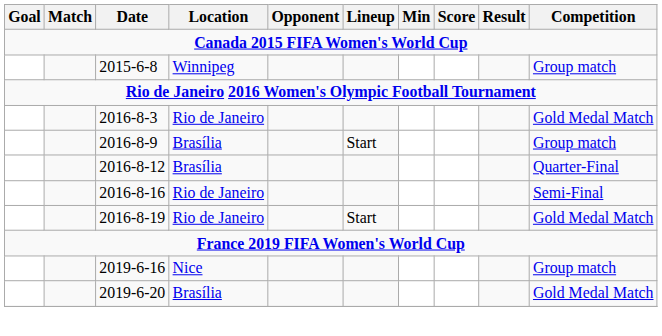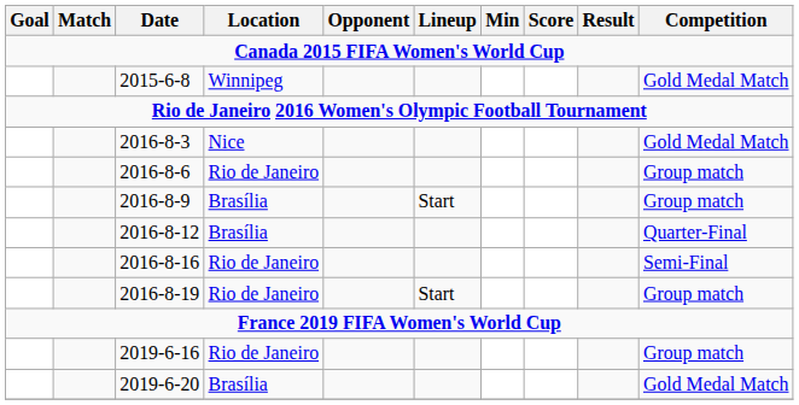 <table class="wikitable collapsible" style="fontsize:90%;">
 <tr>
 <th>Goal</th>
 <th>Match</th>
 <th>Date</th>
 <th>Location</th>
 <th>Opponent</th>
 <th>Lineup</th>
 <th>Min</th>
 <th>Score</th>
 <th>Result</th>
 <th>Competition</th>
 </tr>
 <tr>
 <td colspan=10 align=center > <strong><a href='#'>Canada 2015 FIFA Women's World Cup</a></strong></td>
 </tr>
 <tr>
 <td style="background:white;"></td>
 <td></td>
 <td>2015-6-8</td>
 <td><a href='#'>Winnipeg</a></td>
 <td></td>
 <td></td>
 <td style="background:white;"></td>
 <td style="background:white;"></td>
 <td></td>
-<td><a href='#'>Group match</a></td>
+<td><a href='#'>Gold Medal Match</a></td>
 </tr>
 <tr>
 <td colspan=10 align=center ><strong><a href='#'>Rio de Janeiro</a> <a href='#'>2016 Women's Olympic Football Tournament</a></strong></td>
 </tr>
 <tr>
 <td style="background:white;"></td>
 <td></td>
 <td>2016-8-3</td>
+<td><a href='#'>Nice</a></td>
+<td></td>
+<td></td>
+<td style="background:white;"></td>
+<td style="background:white;"></td>
+<td></td>
+<td><a href='#'>Gold Medal Match</a></td>
+</tr>
+<tr>
+<td style="background:white;"></td>
+<td></td>
+<td>2016-8-6</td>
 <td><a href='#'>Rio de Janeiro</a></td>
 <td></td>
 <td></td>
 <td style="background:white;"></td>
 <td style="background:white;"></td>
 <td></td>
-<td><a href='#'>Gold Medal Match</a></td>
+<td><a href='#'>Group match</a></td>
 </tr>
 <tr>
 <td style="background:white;"></td>
 <td></td>
 <td>2016-8-9</td>
 <td><a href='#'>Brasília</a></td>
 <td></td>
 <td>Start</td>
 <td style="background:white;"></td>
 <td style="background:white;"></td>
 <td></td>
 <td><a href='#'>Group match</a></td>
 </tr>
 <tr>
 <td style="background:white;"></td>
 <td></td>
 <td>2016-8-12</td>
 <td><a href='#'>Brasília</a></td>
 <td></td>
 <td></td>
 <td style="background:white;"></td>
 <td style="background:white;"></td>
 <td></td>
 <td><a href='#'>Quarter-Final</a></td>
 </tr>
 <tr>
 <td style="background:white;"></td>
 <td></td>
 <td>2016-8-16</td>
 <td><a href='#'>Rio de Janeiro</a></td>
 <td></td>
 <td></td>
 <td style="background:white;"></td>
 <td style="background:white;"></td>
 <td></td>
 <td><a href='#'>Semi-Final</a></td>
 </tr>
 <tr>
 <td style="background:white;"></td>
 <td></td>
 <td>2016-8-19</td>
 <td><a href='#'>Rio de Janeiro</a></td>
 <td></td>
 <td>Start</td>
 <td style="background:white;"></td>
 <td style="background:white;"></td>
 <td></td>
-<td><a href='#'>Gold Medal Match</a></td>
+<td><a href='#'>Group match</a></td>
 </tr>
 <tr>
 <td colspan=10 align=center > <strong><a href='#'>France 2019 FIFA Women's World Cup</a></strong></td>
 </tr>
 <tr>
 <td style="background:white;"></td>
 <td></td>
 <td>2019-6-16</td>
-<td><a href='#'>Nice</a></td>
+<td><a href='#'>Rio de Janeiro</a></td>
 <td></td>
 <td></td>
 <td style="background:white;"></td>
 <td style="background:white;"></td>
 <td></td>
 <td><a href='#'>Group match</a></td>
 </tr>
 <tr>
 <td style="background:white;"></td>
 <td></td>
 <td>2019-6-20</td>
 <td><a href='#'>Brasília</a></td>
 <td></td>
 <td></td>
 <td style="background:white;"></td>
 <td style="background:white;"></td>
 <td></td>
 <td><a href='#'>Gold Medal Match</a></td>
 </tr>
 <tr>
 </tr>
 </table>
